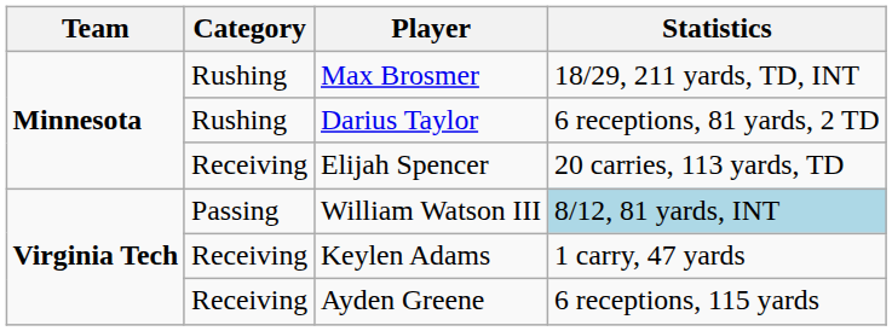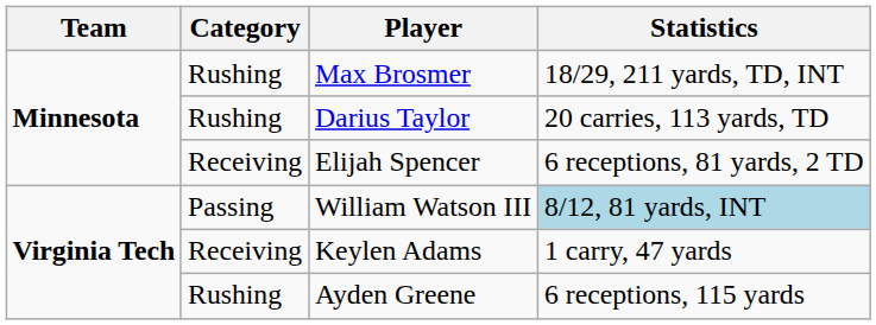 <table class="wikitable" style="float: right;">
 <tr>
 <th>Team</th>
 <th>Category</th>
 <th>Player</th>
 <th>Statistics</th>
 </tr>
 <tr>
 <td rowspan=3><strong>Minnesota</strong></td>
 <td>Rushing</td>
 <td><a href='#'>Max Brosmer</a></td>
 <td>18/29, 211 yards, TD, INT</td>
 </tr>
 <tr>
 <td>Rushing</td>
 <td><a href='#'>Darius Taylor</a></td>
-<td>6 receptions, 81 yards, 2 TD</td>
+<td>20 carries, 113 yards, TD</td>
 </tr>
 <tr>
 <td>Receiving</td>
 <td>Elijah Spencer</td>
-<td>20 carries, 113 yards, TD</td>
+<td>6 receptions, 81 yards, 2 TD</td>
 </tr>
 <tr>
 <td rowspan=3><strong>Virginia Tech</strong></td>
 <td>Passing</td>
 <td>William Watson III</td>
 <td style="background: lightblue;">8/12, 81 yards, INT</td>
 </tr>
 <tr>
 <td>Receiving</td>
 <td>Keylen Adams</td>
 <td>1 carry, 47 yards</td>
 </tr>
 <tr>
-<td>Receiving</td>
+<td>Rushing</td>
 <td>Ayden Greene</td>
 <td>6 receptions, 115 yards</td>
 </tr>
 </table>
